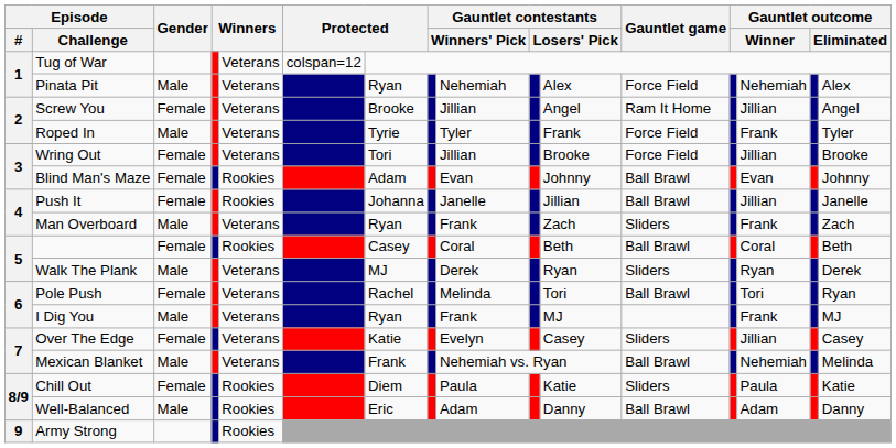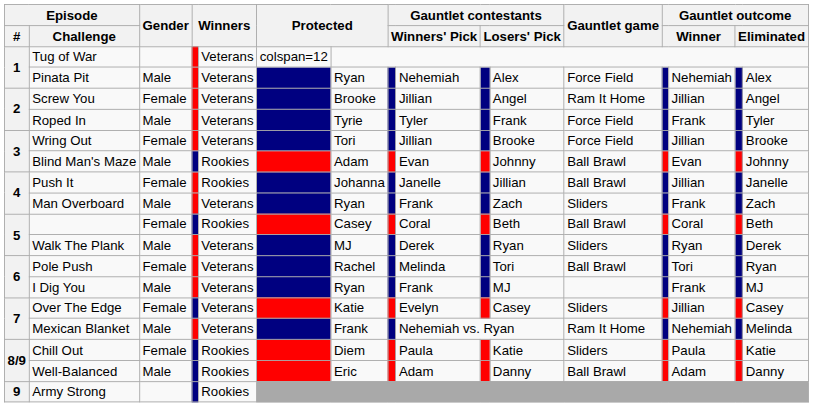 <table class="wikitable" style="font-size:90%; white-space:nowrap">
 <tr>
 <th colspan=2>Episode</th>
 <th rowspan=2 width="1px">Gender</th>
 <th colspan=2 rowspan=2>Winners</th>
 <th rowspan=2 colspan=2>Protected</th>
 <th colspan=4>Gauntlet contestants</th>
 <th rowspan=2>Gauntlet game</th>
 <th colspan=4>Gauntlet outcome</th>
 </tr>
 <tr>
 <th width="15px">#</th>
 <th>Challenge</th>
 <th colspan=2>Winners' Pick</th>
 <th colspan=2>Losers' Pick</th>
 <th colspan=2>Winner</th>
 <th colspan=2>Eliminated</th>
 </tr>
 <tr>
 <th rowspan=2>1</th>
 <td>Tug of War</td>
 <td></td>
 <td style="background:red"></td>
 <td>Veterans</td>
 <td>colspan=12</td>
 </tr>
 <tr>
 <td>Pinata Pit</td>
 <td>Male</td>
 <td style="background:red"></td>
 <td>Veterans</td>
 <td style="background:navy"></td>
 <td>Ryan</td>
 <td style="background:navy"></td>
 <td>Nehemiah</td>
 <td style="background:navy"></td>
 <td>Alex</td>
 <td>Force Field</td>
 <td style="background:navy"></td>
 <td>Nehemiah</td>
 <td style="background:navy"></td>
 <td>Alex</td>
 </tr>
 <tr>
 <th rowspan=2>2</th>
 <td>Screw You</td>
 <td>Female</td>
 <td style="background:red"></td>
 <td>Veterans</td>
 <td style="background:navy"></td>
 <td>Brooke</td>
 <td style="background:navy"></td>
 <td>Jillian</td>
 <td style="background:navy"></td>
 <td>Angel</td>
 <td>Ram It Home</td>
 <td style="background:navy"></td>
 <td>Jillian</td>
 <td style="background:navy"></td>
 <td>Angel</td>
 </tr>
 <tr>
 <td>Roped In</td>
 <td>Male</td>
 <td style="background:red"></td>
 <td>Veterans</td>
 <td style="background:navy"></td>
 <td>Tyrie</td>
 <td style="background:navy"></td>
 <td>Tyler</td>
 <td style="background:navy"></td>
 <td>Frank</td>
 <td>Force Field</td>
 <td style="background:navy"></td>
 <td>Frank</td>
 <td style="background:navy"></td>
 <td>Tyler</td>
 </tr>
 <tr>
 <th rowspan=2>3</th>
 <td>Wring Out</td>
 <td>Female</td>
 <td style="background:red"></td>
 <td>Veterans</td>
 <td style="background:navy"></td>
 <td>Tori</td>
 <td style="background:navy"></td>
 <td>Jillian</td>
 <td style="background:navy"></td>
 <td>Brooke</td>
 <td>Force Field</td>
 <td style="background:navy"></td>
 <td>Jillian</td>
 <td style="background:navy"></td>
 <td>Brooke</td>
 </tr>
 <tr>
 <td nowrap>Blind Man's Maze</td>
-<td>Female</td>
+<td>Male</td>
 <td style="background:navy"></td>
 <td>Rookies</td>
 <td style="background:red"></td>
 <td>Adam</td>
 <td style="background:red"></td>
 <td>Evan</td>
 <td style="background:red"></td>
 <td>Johnny</td>
 <td>Ball Brawl</td>
 <td style="background:red"></td>
 <td>Evan</td>
 <td style="background:red"></td>
 <td>Johnny</td>
 </tr>
 <tr>
 <th rowspan=2>4</th>
 <td>Push It</td>
 <td>Female</td>
 <td style="background:red"></td>
 <td>Rookies</td>
 <td style="background:navy"></td>
 <td>Johanna</td>
 <td style="background:navy"></td>
 <td>Janelle</td>
 <td style="background:navy"></td>
 <td>Jillian</td>
 <td>Ball Brawl</td>
 <td style="background:navy"></td>
 <td>Jillian</td>
 <td style="background:navy"></td>
 <td>Janelle</td>
 </tr>
 <tr>
 <td>Man Overboard</td>
 <td>Male</td>
 <td style="background:red"></td>
 <td>Veterans</td>
 <td style="background:navy"></td>
 <td>Ryan</td>
 <td style="background:navy"></td>
 <td>Frank</td>
 <td style="background:navy"></td>
 <td>Zach</td>
 <td>Sliders</td>
 <td style="background:navy"></td>
 <td>Frank</td>
 <td style="background:navy"></td>
 <td>Zach</td>
 </tr>
 <tr>
 <th rowspan=2>5</th>
 <td></td>
 <td>Female</td>
 <td style="background:navy"></td>
 <td>Rookies</td>
 <td style="background:red"></td>
 <td>Casey</td>
 <td style="background:red"></td>
 <td>Coral</td>
 <td style="background:red"></td>
 <td>Beth</td>
 <td>Ball Brawl</td>
 <td style="background:red"></td>
 <td>Coral</td>
 <td style="background:red"></td>
 <td>Beth</td>
 </tr>
 <tr>
 <td>Walk The Plank</td>
 <td>Male</td>
 <td style="background:red"></td>
 <td>Veterans</td>
 <td style="background:navy"></td>
 <td>MJ</td>
 <td style="background:navy"></td>
 <td>Derek</td>
 <td style="background:navy"></td>
 <td>Ryan</td>
 <td>Sliders</td>
 <td style="background:navy"></td>
 <td>Ryan</td>
 <td style="background:navy"></td>
 <td>Derek</td>
 </tr>
 <tr>
 <th rowspan=2>6</th>
 <td>Pole Push</td>
 <td>Female</td>
 <td style="background:red"></td>
 <td>Veterans</td>
 <td style="background:navy"></td>
 <td>Rachel</td>
 <td style="background:navy"></td>
 <td>Melinda</td>
 <td style="background:navy"></td>
 <td>Tori</td>
 <td>Ball Brawl</td>
 <td style="background:navy"></td>
 <td>Tori</td>
 <td style="background:navy"></td>
 <td>Ryan</td>
 </tr>
 <tr>
 <td>I Dig You</td>
 <td>Male</td>
 <td style="background:red"></td>
 <td>Veterans</td>
 <td style="background:navy"></td>
 <td>Ryan</td>
 <td style="background:navy"></td>
 <td>Frank</td>
 <td style="background:navy"></td>
 <td>MJ</td>
 <td></td>
 <td style="background:navy"></td>
 <td>Frank</td>
 <td style="background:navy"></td>
 <td>MJ</td>
 </tr>
 <tr>
 <th rowspan=2>7</th>
 <td>Over The Edge</td>
 <td>Female</td>
 <td style="background:navy"></td>
 <td>Veterans</td>
 <td style="background:red"></td>
 <td>Katie</td>
 <td style="background:red"></td>
 <td>Evelyn</td>
 <td style="background:red"></td>
 <td>Casey</td>
 <td>Sliders</td>
 <td style="background:red"></td>
 <td>Jillian</td>
 <td style="background:red"></td>
 <td>Casey</td>
 </tr>
 <tr>
 <td>Mexican Blanket</td>
 <td>Male</td>
 <td style="background:red"></td>
 <td>Veterans</td>
 <td style="background:navy"></td>
 <td>Frank</td>
 <td style="background:navy"></td>
 <td colspan=3>Nehemiah vs. Ryan</td>
-<td>Ball Brawl</td>
+<td>Ram It Home</td>
 <td style="background:navy"></td>
 <td>Nehemiah</td>
 <td style="background:navy"></td>
 <td>Melinda</td>
 </tr>
 <tr>
 <th rowspan=2>8/9</th>
 <td>Chill Out</td>
 <td>Female</td>
 <td style="background:navy"></td>
 <td>Rookies</td>
 <td style="background:red"></td>
 <td>Diem</td>
 <td style="background:red"></td>
 <td>Paula</td>
 <td style="background:red"></td>
 <td>Katie</td>
 <td>Sliders</td>
 <td style="background:red"></td>
 <td>Paula</td>
 <td style="background:red"></td>
 <td>Katie</td>
 </tr>
 <tr>
 <td>Well-Balanced</td>
 <td>Male</td>
 <td style="background:navy"></td>
 <td>Rookies</td>
 <td style="background:red"></td>
 <td>Eric</td>
 <td style="background:red"></td>
 <td>Adam</td>
 <td style="background:red"></td>
 <td>Danny</td>
 <td>Ball Brawl</td>
 <td style="background:red"></td>
 <td>Adam</td>
 <td style="background:red"></td>
 <td>Danny</td>
 </tr>
 <tr>
 <th>9</th>
 <td>Army Strong</td>
 <td></td>
 <td style="background:navy"></td>
 <td>Rookies</td>
 <td colspan=11 bgcolor="darkgray"></td>
 </tr>
 </table>
